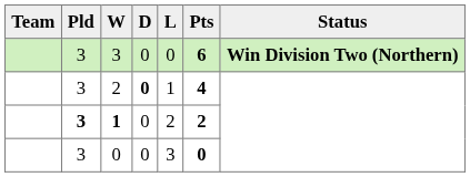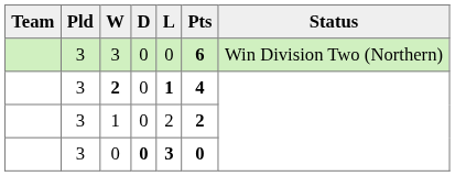 <table style=border-collapse:collapse border=1 cellspacing=0 cellpadding=5>
 <tr align=center bgcolor=#efefef>
 <th>Team</th>
 <th>Pld</th>
 <th>W</th>
 <th>D</th>
 <th>L</th>
 <th>Pts</th>
 <th>Status</th>
 </tr>
 <tr align=center style="background:#D0F0C0;">
 <td style="text-align:left;"> </td>
 <td>3</td>
 <td>3</td>
 <td>0</td>
 <td>0</td>
 <td><strong>6</strong></td>
-<td rowspan=1><strong>Win Division Two (Northern)</strong></td>
+<td rowspan=1>Win Division Two (Northern)</td>
 </tr>
 <tr align=center style="background:#FFFFFF;">
 <td style="text-align:left;"> </td>
 <td>3</td>
-<td>2</td>
-<td><strong>0</strong></td>
-<td>1</td>
+<td><strong>2</strong></td>
+<td>0</td>
+<td><strong>1</strong></td>
 <td><strong>4</strong></td>
 <td rowspan=3></td>
 </tr>
 <tr align=center style="background:#FFFFFF;">
 <td style="text-align:left;"> </td>
-<td><strong>3</strong></td>
-<td><strong>1</strong></td>
+<td>3</td>
+<td>1</td>
 <td>0</td>
 <td>2</td>
 <td><strong>2</strong></td>
 </tr>
 <tr align=center style="background:#FFFFFF;">
 <td style="text-align:left;"> </td>
 <td>3</td>
 <td>0</td>
-<td>0</td>
-<td>3</td>
+<td><strong>0</strong></td>
+<td><strong>3</strong></td>
 <td><strong>0</strong></td>
 </tr>
 </table>
